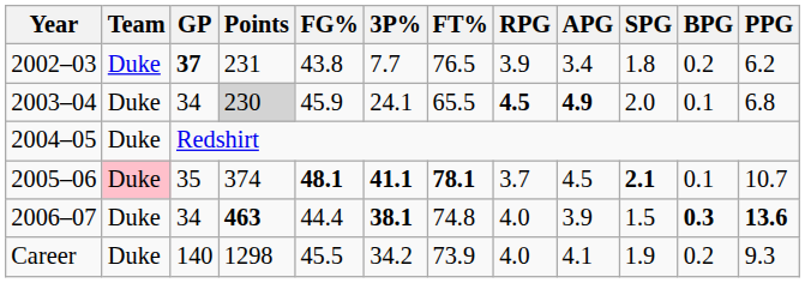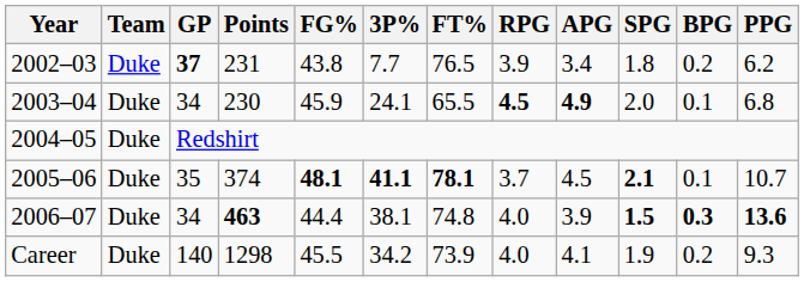 <table class="wikitable">
 <tr>
 <th>Year</th>
 <th>Team</th>
 <th>GP</th>
 <th>Points</th>
 <th>FG%</th>
 <th>3P%</th>
 <th>FT%</th>
 <th>RPG</th>
 <th>APG</th>
 <th>SPG</th>
 <th>BPG</th>
 <th>PPG</th>
 </tr>
 <tr>
 <td>2002–03</td>
 <td><a href='#'>Duke</a></td>
 <td><strong>37</strong></td>
 <td>231</td>
 <td>43.8</td>
 <td>7.7</td>
 <td>76.5</td>
 <td>3.9</td>
 <td>3.4</td>
 <td>1.8</td>
 <td>0.2</td>
 <td>6.2</td>
 </tr>
 <tr>
 <td>2003–04</td>
 <td>Duke</td>
 <td>34</td>
-<td style="background: lightgrey;">230</td>
+<td>230</td>
 <td>45.9</td>
 <td>24.1</td>
 <td>65.5</td>
 <td><strong>4.5</strong></td>
 <td><strong>4.9</strong></td>
 <td>2.0</td>
 <td>0.1</td>
 <td>6.8</td>
 </tr>
 <tr>
 <td>2004–05</td>
 <td>Duke</td>
 <td colspan="10"><a href='#'>Redshirt</a></td>
 </tr>
 <tr>
 <td>2005–06</td>
-<td style="background: pink;">Duke</td>
+<td>Duke</td>
 <td>35</td>
 <td>374</td>
 <td><strong>48.1</strong></td>
 <td><strong>41.1</strong></td>
 <td><strong>78.1</strong></td>
 <td>3.7</td>
 <td>4.5</td>
 <td><strong>2.1</strong></td>
 <td>0.1</td>
 <td>10.7</td>
 </tr>
 <tr>
 <td>2006–07</td>
 <td>Duke</td>
 <td>34</td>
 <td><strong>463</strong></td>
 <td>44.4</td>
-<td><strong>38.1</strong></td>
+<td>38.1</td>
 <td>74.8</td>
 <td>4.0</td>
 <td>3.9</td>
-<td>1.5</td>
+<td><strong>1.5</strong></td>
 <td><strong>0.3</strong></td>
 <td><strong>13.6</strong></td>
 </tr>
 <tr>
 <td>Career</td>
 <td>Duke</td>
 <td>140</td>
 <td>1298</td>
 <td>45.5</td>
 <td>34.2</td>
 <td>73.9</td>
 <td>4.0</td>
 <td>4.1</td>
 <td>1.9</td>
 <td>0.2</td>
 <td>9.3</td>
 </tr>
 </table>
